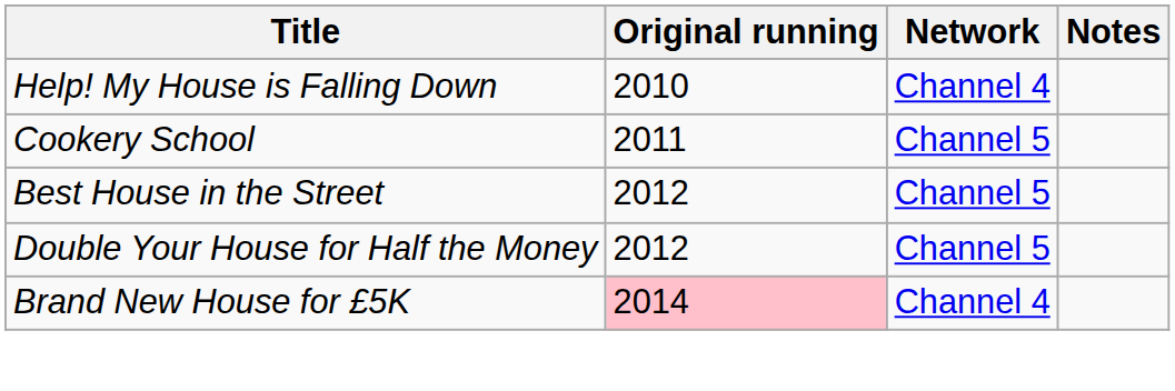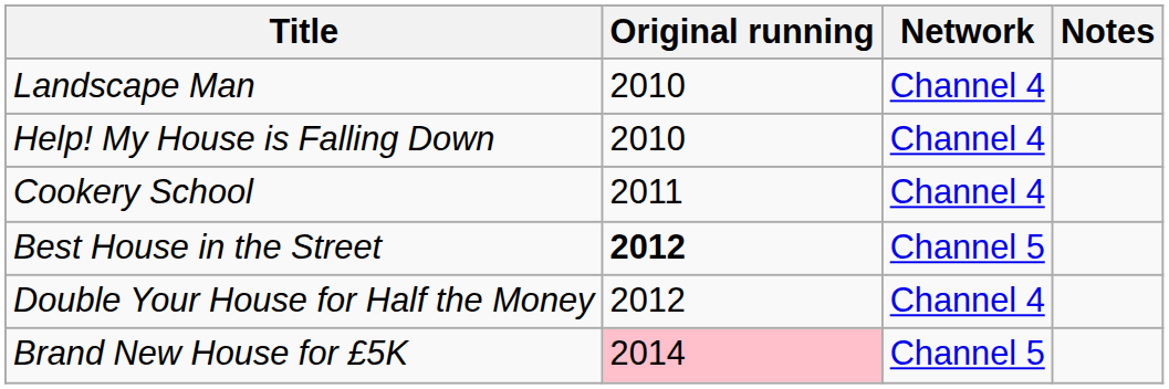 <table class="wikitable sortable%">
 <tr>
 <th>Title</th>
 <th>Original running</th>
 <th>Network</th>
 <th>Notes</th>
+</tr>
+<tr>
+<td><em>Landscape Man</em></td>
+<td>2010</td>
+<td><a href='#'>Channel 4</a></td>
+<td></td>
 </tr>
 <tr>
 <td><em>Help! My House is Falling Down</em></td>
 <td>2010</td>
 <td><a href='#'>Channel 4</a></td>
 <td></td>
 </tr>
 <tr>
 <td><em>Cookery School</em></td>
 <td>2011</td>
-<td><a href='#'>Channel 5</a></td>
+<td><a href='#'>Channel 4</a></td>
 <td></td>
 </tr>
 <tr>
 <td><em>Best House in the Street</em></td>
-<td>2012</td>
+<td><strong>2012</strong></td>
 <td><a href='#'>Channel 5</a></td>
 <td></td>
 </tr>
 <tr>
 <td><em>Double Your House for Half the Money</em></td>
 <td>2012</td>
-<td><a href='#'>Channel 5</a></td>
+<td><a href='#'>Channel 4</a></td>
 <td></td>
 </tr>
 <tr>
 <td><em>Brand New House for £5K</em></td>
 <td style="background: pink;">2014</td>
-<td><a href='#'>Channel 4</a></td>
+<td><a href='#'>Channel 5</a></td>
 <td></td>
 </tr>
 </table>
